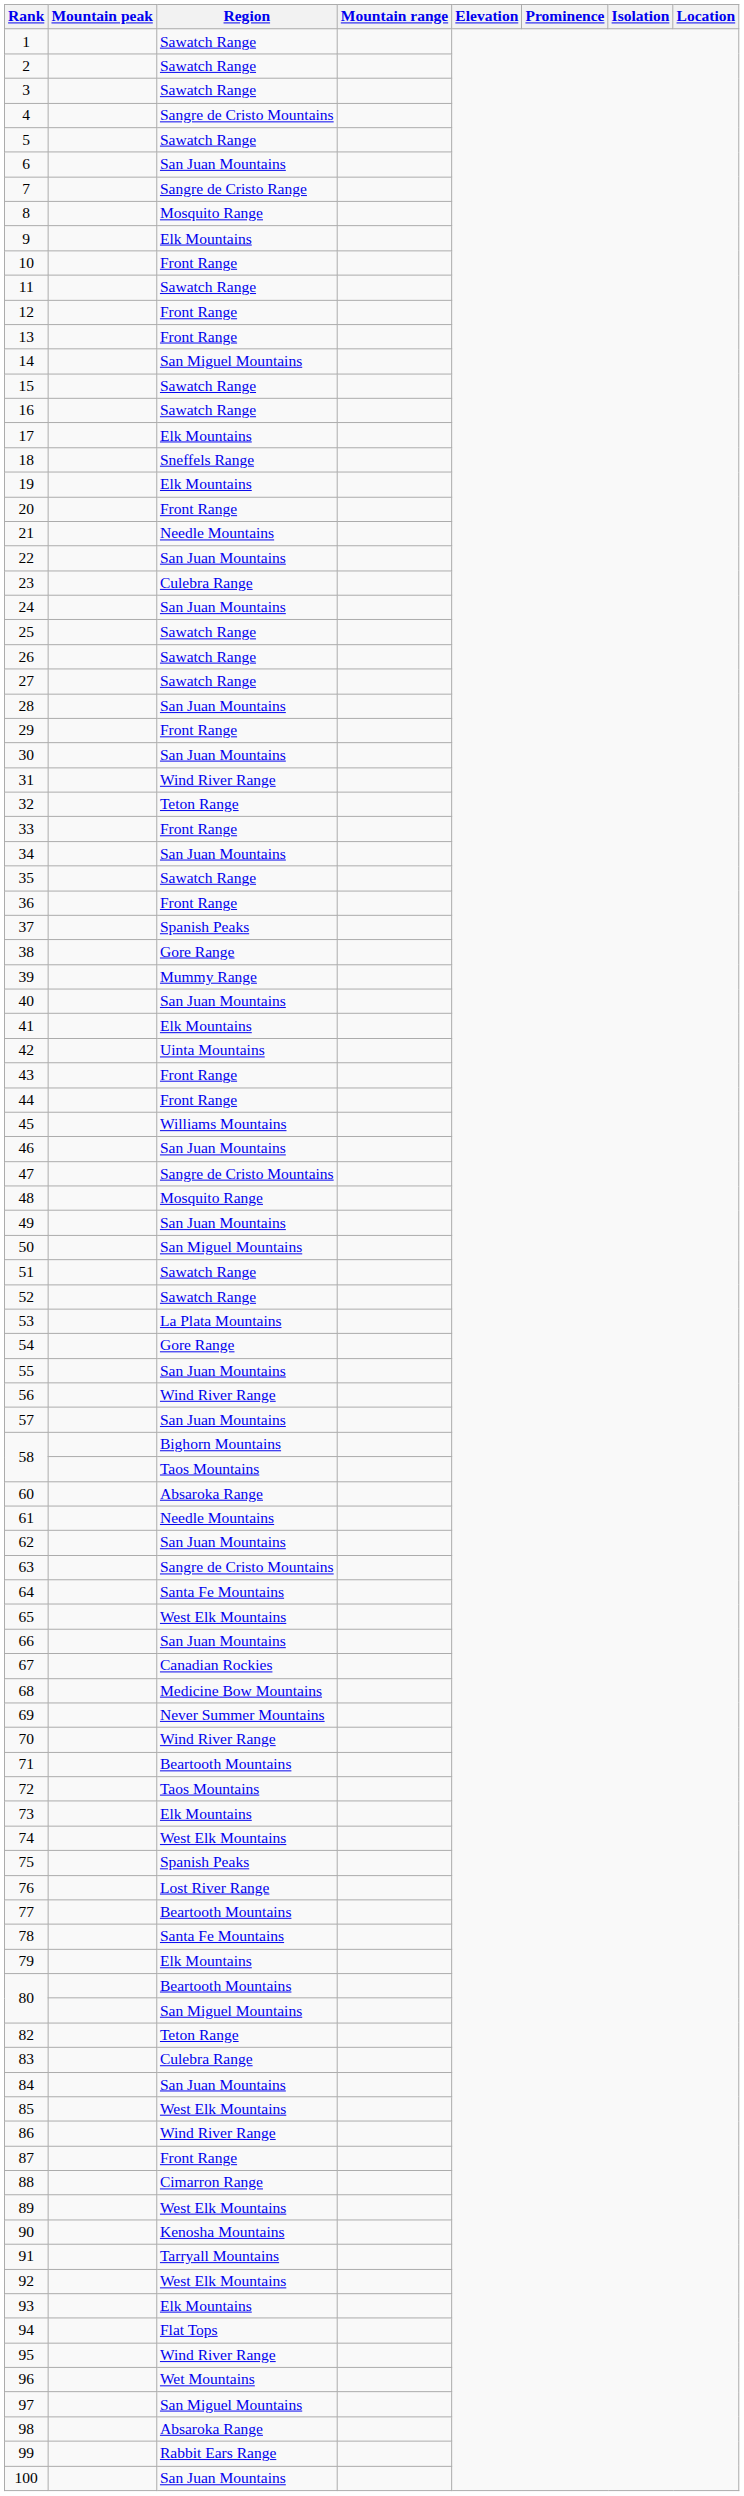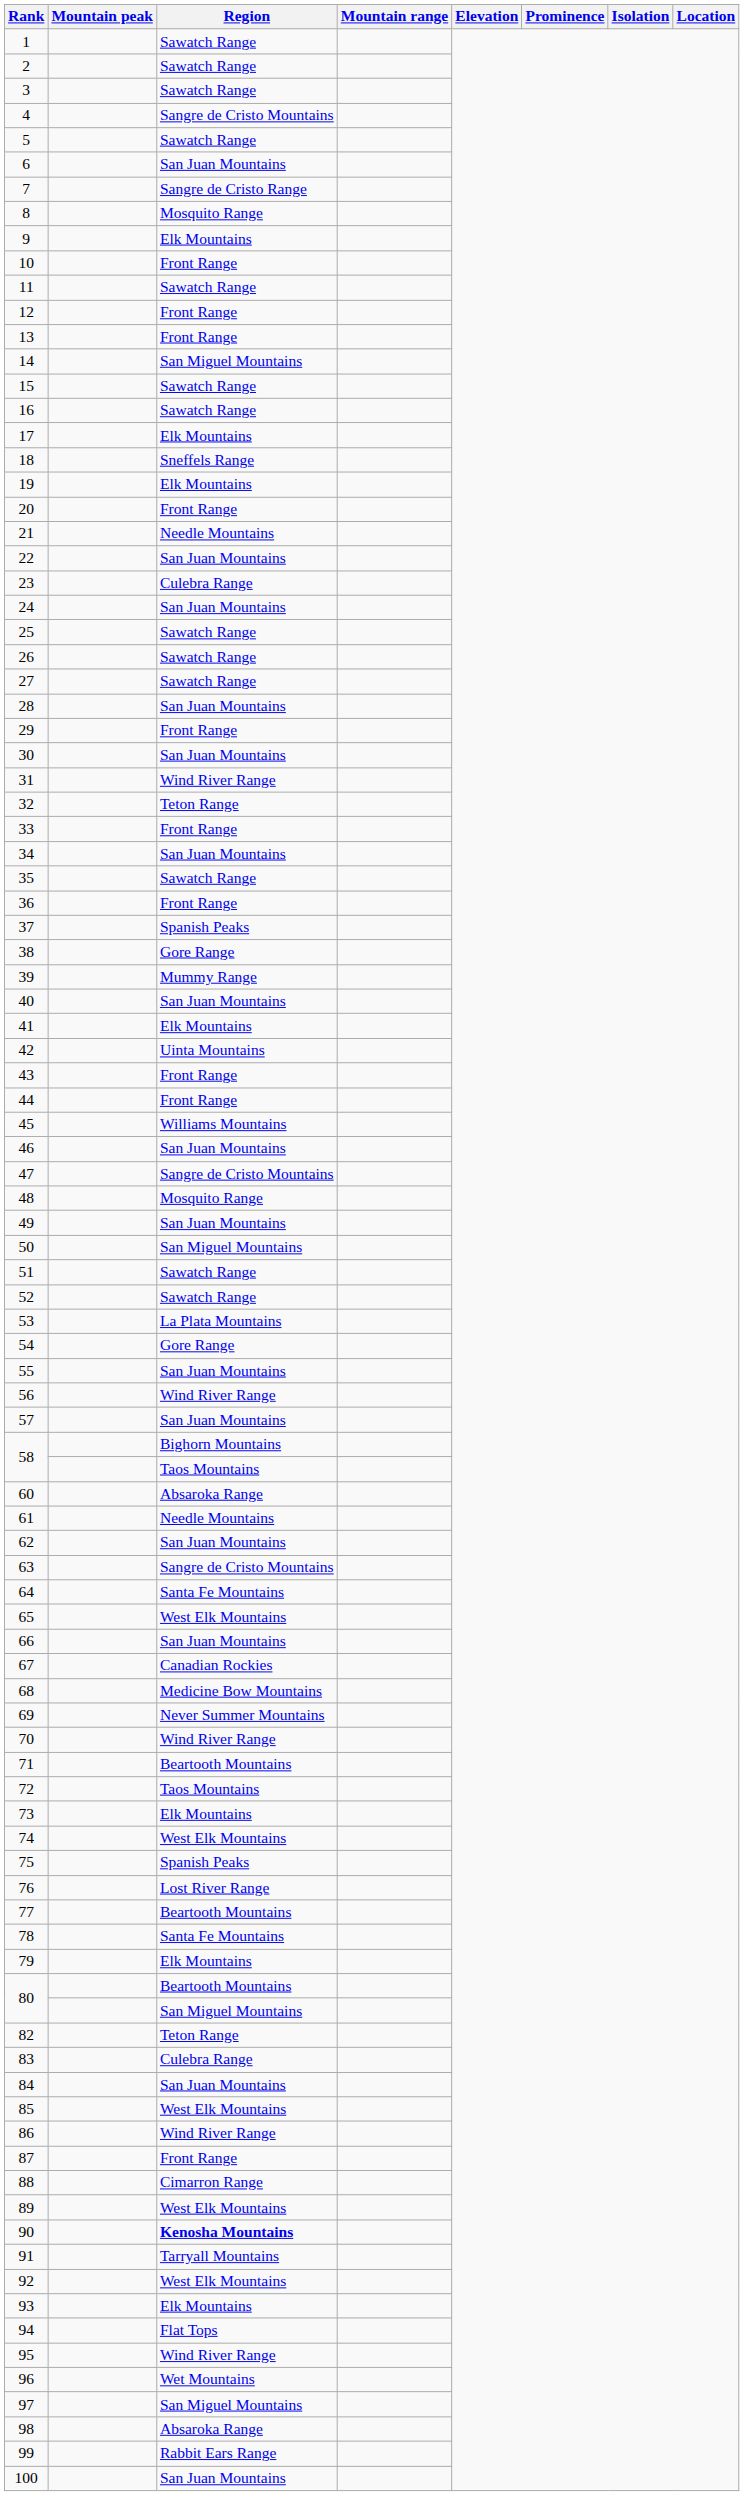 <table class="wikitable sortable">
 <tr>
 <th><a href='#'>Rank</a></th>
 <th><a href='#'>Mountain peak</a></th>
 <th><a href='#'>Region</a></th>
 <th><a href='#'>Mountain range</a></th>
 <th><a href='#'>Elevation</a></th>
 <th><a href='#'>Prominence</a></th>
 <th><a href='#'>Isolation</a></th>
 <th><a href='#'>Location</a></th>
 </tr>
 <tr>
 <td align=center>1<br></td>
 <td></td>
 <td><a href='#'>Sawatch Range</a><br></td>
 <td></td>
 </tr>
 <tr>
 <td align=center>2<br></td>
 <td></td>
 <td><a href='#'>Sawatch Range</a><br></td>
 <td></td>
 </tr>
 <tr>
 <td align=center>3<br></td>
 <td></td>
 <td><a href='#'>Sawatch Range</a><br></td>
 <td></td>
 </tr>
 <tr>
 <td align=center>4<br></td>
 <td></td>
 <td><a href='#'>Sangre de Cristo Mountains</a><br></td>
 <td></td>
 </tr>
 <tr>
 <td align=center>5<br></td>
 <td></td>
 <td><a href='#'>Sawatch Range</a><br></td>
 <td></td>
 </tr>
 <tr>
 <td align=center>6<br></td>
 <td></td>
 <td><a href='#'>San Juan Mountains</a><br></td>
 <td></td>
 </tr>
 <tr>
 <td align=center>7<br></td>
 <td></td>
 <td><a href='#'>Sangre de Cristo Range</a><br></td>
 <td></td>
 </tr>
 <tr>
 <td align=center>8<br></td>
 <td></td>
 <td><a href='#'>Mosquito Range</a><br></td>
 <td></td>
 </tr>
 <tr>
 <td align=center>9<br></td>
 <td></td>
 <td><a href='#'>Elk Mountains</a><br></td>
 <td></td>
 </tr>
 <tr>
 <td align=center>10<br></td>
 <td></td>
 <td><a href='#'>Front Range</a><br></td>
 <td></td>
 </tr>
 <tr>
 <td align=center>11<br></td>
 <td></td>
 <td><a href='#'>Sawatch Range</a><br></td>
 <td></td>
 </tr>
 <tr>
 <td align=center>12<br></td>
 <td></td>
 <td><a href='#'>Front Range</a><br></td>
 <td></td>
 </tr>
 <tr>
 <td align=center>13<br></td>
 <td></td>
 <td><a href='#'>Front Range</a><br></td>
 <td></td>
 </tr>
 <tr>
 <td align=center>14<br></td>
 <td></td>
 <td><a href='#'>San Miguel Mountains</a><br></td>
 <td></td>
 </tr>
 <tr>
 <td align=center>15<br></td>
 <td></td>
 <td><a href='#'>Sawatch Range</a><br></td>
 <td></td>
 </tr>
 <tr>
 <td align=center>16<br></td>
 <td></td>
 <td><a href='#'>Sawatch Range</a><br></td>
 <td></td>
 </tr>
 <tr>
 <td align=center>17<br></td>
 <td></td>
 <td><a href='#'>Elk Mountains</a><br></td>
 <td></td>
 </tr>
 <tr>
 <td align=center>18<br></td>
 <td></td>
 <td><a href='#'>Sneffels Range</a><br></td>
 <td></td>
 </tr>
 <tr>
 <td align=center>19<br></td>
 <td></td>
 <td><a href='#'>Elk Mountains</a><br></td>
 <td></td>
 </tr>
 <tr>
 <td align=center>20<br></td>
 <td></td>
 <td><a href='#'>Front Range</a><br></td>
 <td></td>
 </tr>
 <tr>
 <td align=center>21<br></td>
 <td></td>
 <td><a href='#'>Needle Mountains</a><br></td>
 <td></td>
 </tr>
 <tr>
 <td align=center>22<br></td>
 <td></td>
 <td><a href='#'>San Juan Mountains</a><br></td>
 <td></td>
 </tr>
 <tr>
 <td align=center>23<br></td>
 <td></td>
 <td><a href='#'>Culebra Range</a><br></td>
 <td></td>
 </tr>
 <tr>
 <td align=center>24<br></td>
 <td></td>
 <td><a href='#'>San Juan Mountains</a><br></td>
 <td></td>
 </tr>
 <tr>
 <td align=center>25<br></td>
 <td></td>
 <td><a href='#'>Sawatch Range</a><br></td>
 <td></td>
 </tr>
 <tr>
 <td align=center>26<br></td>
 <td></td>
 <td><a href='#'>Sawatch Range</a><br></td>
 <td></td>
 </tr>
 <tr>
 <td align=center>27<br></td>
 <td></td>
 <td><a href='#'>Sawatch Range</a><br></td>
 <td></td>
 </tr>
 <tr>
 <td align=center>28<br></td>
 <td></td>
 <td><a href='#'>San Juan Mountains</a><br></td>
 <td></td>
 </tr>
 <tr>
 <td align=center>29<br></td>
 <td></td>
 <td><a href='#'>Front Range</a><br></td>
 <td></td>
 </tr>
 <tr>
 <td align=center>30<br></td>
 <td></td>
 <td><a href='#'>San Juan Mountains</a><br></td>
 <td></td>
 </tr>
 <tr>
 <td align=center>31<br></td>
 <td></td>
 <td><a href='#'>Wind River Range</a><br></td>
 <td></td>
 </tr>
 <tr>
 <td align=center>32<br></td>
 <td></td>
 <td><a href='#'>Teton Range</a><br></td>
 <td></td>
 </tr>
 <tr>
 <td align=center>33<br></td>
 <td></td>
 <td><a href='#'>Front Range</a><br></td>
 <td></td>
 </tr>
 <tr>
 <td align=center>34<br></td>
 <td></td>
 <td><a href='#'>San Juan Mountains</a><br></td>
 <td></td>
 </tr>
 <tr>
 <td align=center>35<br></td>
 <td></td>
 <td><a href='#'>Sawatch Range</a><br></td>
 <td></td>
 </tr>
 <tr>
 <td align=center>36<br></td>
 <td></td>
 <td><a href='#'>Front Range</a><br></td>
 <td></td>
 </tr>
 <tr>
 <td align=center>37<br></td>
 <td></td>
 <td><a href='#'>Spanish Peaks</a><br></td>
 <td></td>
 </tr>
 <tr>
 <td align=center>38<br></td>
 <td></td>
 <td><a href='#'>Gore Range</a><br></td>
 <td></td>
 </tr>
 <tr>
 <td align=center>39<br></td>
 <td></td>
 <td><a href='#'>Mummy Range</a><br></td>
 <td></td>
 </tr>
 <tr>
 <td align=center>40<br></td>
 <td></td>
 <td><a href='#'>San Juan Mountains</a><br></td>
 <td></td>
 </tr>
 <tr>
 <td align=center>41<br></td>
 <td></td>
 <td><a href='#'>Elk Mountains</a><br></td>
 <td></td>
 </tr>
 <tr>
 <td align=center>42<br></td>
 <td></td>
 <td><a href='#'>Uinta Mountains</a><br></td>
 <td></td>
 </tr>
 <tr>
 <td align=center>43<br></td>
 <td></td>
 <td><a href='#'>Front Range</a><br></td>
 <td></td>
 </tr>
 <tr>
 <td align=center>44<br></td>
 <td></td>
 <td><a href='#'>Front Range</a><br></td>
 <td></td>
 </tr>
 <tr>
 <td align=center>45<br></td>
 <td></td>
 <td><a href='#'>Williams Mountains</a><br></td>
 <td></td>
 </tr>
 <tr>
 <td align=center>46<br></td>
 <td></td>
 <td><a href='#'>San Juan Mountains</a><br></td>
 <td></td>
 </tr>
 <tr>
 <td align=center>47<br></td>
 <td></td>
 <td><a href='#'>Sangre de Cristo Mountains</a><br></td>
 <td></td>
 </tr>
 <tr>
 <td align=center>48<br></td>
 <td></td>
 <td><a href='#'>Mosquito Range</a><br></td>
 <td></td>
 </tr>
 <tr>
 <td align=center>49<br></td>
 <td></td>
 <td><a href='#'>San Juan Mountains</a><br></td>
 <td></td>
 </tr>
 <tr>
 <td align=center>50<br></td>
 <td></td>
 <td><a href='#'>San Miguel Mountains</a><br></td>
 <td></td>
 </tr>
 <tr>
 <td align=center>51<br></td>
 <td></td>
 <td><a href='#'>Sawatch Range</a><br></td>
 <td></td>
 </tr>
 <tr>
 <td align=center>52<br></td>
 <td></td>
 <td><a href='#'>Sawatch Range</a><br></td>
 <td></td>
 </tr>
 <tr>
 <td align=center>53<br></td>
 <td></td>
 <td><a href='#'>La Plata Mountains</a><br></td>
 <td></td>
 </tr>
 <tr>
 <td align=center>54<br></td>
 <td></td>
 <td><a href='#'>Gore Range</a><br></td>
 <td></td>
 </tr>
 <tr>
 <td align=center>55<br></td>
 <td></td>
 <td><a href='#'>San Juan Mountains</a><br></td>
 <td></td>
 </tr>
 <tr>
 <td align=center>56<br></td>
 <td></td>
 <td><a href='#'>Wind River Range</a><br></td>
 <td></td>
 </tr>
 <tr>
 <td align=center>57<br></td>
 <td></td>
 <td><a href='#'>San Juan Mountains</a><br></td>
 <td></td>
 </tr>
 <tr>
 <td align=center rowspan=2>58<br></td>
 <td></td>
 <td><a href='#'>Bighorn Mountains</a><br></td>
 <td></td>
 </tr>
 <tr>
 <td></td>
 <td><a href='#'>Taos Mountains</a><br></td>
 <td></td>
 </tr>
 <tr>
 <td align=center>60<br></td>
 <td></td>
 <td><a href='#'>Absaroka Range</a><br></td>
 <td></td>
 </tr>
 <tr>
 <td align=center>61<br></td>
 <td></td>
 <td><a href='#'>Needle Mountains</a><br></td>
 <td></td>
 </tr>
 <tr>
 <td align=center>62<br></td>
 <td></td>
 <td><a href='#'>San Juan Mountains</a><br></td>
 <td></td>
 </tr>
 <tr>
 <td align=center>63<br></td>
 <td></td>
 <td><a href='#'>Sangre de Cristo Mountains</a><br></td>
 <td></td>
 </tr>
 <tr>
 <td align=center>64<br></td>
 <td></td>
 <td><a href='#'>Santa Fe Mountains</a><br></td>
 <td></td>
 </tr>
 <tr>
 <td align=center>65<br></td>
 <td></td>
 <td><a href='#'>West Elk Mountains</a><br></td>
 <td></td>
 </tr>
 <tr>
 <td align=center>66<br></td>
 <td></td>
 <td><a href='#'>San Juan Mountains</a><br></td>
 <td></td>
 </tr>
 <tr>
 <td align=center>67<br></td>
 <td></td>
 <td><a href='#'>Canadian Rockies</a><br></td>
 <td></td>
 </tr>
 <tr>
 <td align=center>68<br></td>
 <td></td>
 <td><a href='#'>Medicine Bow Mountains</a><br></td>
 <td></td>
 </tr>
 <tr>
 <td align=center>69<br></td>
 <td></td>
 <td><a href='#'>Never Summer Mountains</a><br></td>
 <td></td>
 </tr>
 <tr>
 <td align=center>70<br></td>
 <td></td>
 <td><a href='#'>Wind River Range</a><br></td>
 <td></td>
 </tr>
 <tr>
 <td align=center>71<br></td>
 <td></td>
 <td><a href='#'>Beartooth Mountains</a><br></td>
 <td></td>
 </tr>
 <tr>
 <td align=center>72<br></td>
 <td></td>
 <td><a href='#'>Taos Mountains</a><br></td>
 <td></td>
 </tr>
 <tr>
 <td align=center>73<br></td>
 <td></td>
 <td><a href='#'>Elk Mountains</a><br></td>
 <td></td>
 </tr>
 <tr>
 <td align=center>74<br></td>
 <td></td>
 <td><a href='#'>West Elk Mountains</a><br></td>
 <td></td>
 </tr>
 <tr>
 <td align=center>75<br></td>
 <td></td>
 <td><a href='#'>Spanish Peaks</a><br></td>
 <td></td>
 </tr>
 <tr>
 <td align=center>76<br></td>
 <td></td>
 <td><a href='#'>Lost River Range</a><br></td>
 <td></td>
 </tr>
 <tr>
 <td align=center>77<br></td>
 <td></td>
 <td><a href='#'>Beartooth Mountains</a><br></td>
 <td></td>
 </tr>
 <tr>
 <td align=center>78<br></td>
 <td></td>
 <td><a href='#'>Santa Fe Mountains</a><br></td>
 <td></td>
 </tr>
 <tr>
 <td align=center>79<br></td>
 <td></td>
 <td><a href='#'>Elk Mountains</a><br></td>
 <td></td>
 </tr>
 <tr>
 <td align=center rowspan=2>80<br></td>
 <td></td>
 <td><a href='#'>Beartooth Mountains</a><br></td>
 <td></td>
 </tr>
 <tr>
 <td></td>
 <td><a href='#'>San Miguel Mountains</a><br></td>
 <td></td>
 </tr>
 <tr>
 <td align=center>82<br></td>
 <td></td>
 <td><a href='#'>Teton Range</a><br></td>
 <td></td>
 </tr>
 <tr>
 <td align=center>83<br></td>
 <td></td>
 <td><a href='#'>Culebra Range</a><br></td>
 <td></td>
 </tr>
 <tr>
 <td align=center>84<br></td>
 <td></td>
 <td><a href='#'>San Juan Mountains</a><br></td>
 <td></td>
 </tr>
 <tr>
 <td align=center>85<br></td>
 <td></td>
 <td><a href='#'>West Elk Mountains</a><br></td>
 <td></td>
 </tr>
 <tr>
 <td align=center>86<br></td>
 <td></td>
 <td><a href='#'>Wind River Range</a><br></td>
 <td></td>
 </tr>
 <tr>
 <td align=center>87<br></td>
 <td></td>
 <td><a href='#'>Front Range</a><br></td>
 <td></td>
 </tr>
 <tr>
 <td align=center>88<br></td>
 <td></td>
 <td><a href='#'>Cimarron Range</a><br></td>
 <td></td>
 </tr>
 <tr>
 <td align=center>89<br></td>
 <td></td>
 <td><a href='#'>West Elk Mountains</a><br></td>
 <td></td>
 </tr>
 <tr>
 <td align=center>90<br></td>
 <td></td>
-<td><a href='#'>Kenosha Mountains</a><br></td>
+<td><strong><a href='#'>Kenosha Mountains</a><br></strong></td>
 <td></td>
 </tr>
 <tr>
 <td align=center>91<br></td>
 <td></td>
 <td><a href='#'>Tarryall Mountains</a><br></td>
 <td></td>
 </tr>
 <tr>
 <td align=center>92<br></td>
 <td></td>
 <td><a href='#'>West Elk Mountains</a><br></td>
 <td></td>
 </tr>
 <tr>
 <td align=center>93<br></td>
 <td></td>
 <td><a href='#'>Elk Mountains</a><br></td>
 <td></td>
 </tr>
 <tr>
 <td align=center>94<br></td>
 <td></td>
 <td><a href='#'>Flat Tops</a><br></td>
 <td></td>
 </tr>
 <tr>
 <td align=center>95<br></td>
 <td></td>
 <td><a href='#'>Wind River Range</a><br></td>
 <td></td>
 </tr>
 <tr>
 <td align=center>96<br></td>
 <td></td>
 <td><a href='#'>Wet Mountains</a><br></td>
 <td></td>
 </tr>
 <tr>
 <td align=center>97<br></td>
 <td></td>
 <td><a href='#'>San Miguel Mountains</a><br></td>
 <td></td>
 </tr>
 <tr>
 <td align=center>98<br></td>
 <td></td>
 <td><a href='#'>Absaroka Range</a><br></td>
 <td></td>
 </tr>
 <tr>
 <td align=center>99<br></td>
 <td></td>
 <td><a href='#'>Rabbit Ears Range</a><br></td>
 <td></td>
 </tr>
 <tr>
 <td align=center>100<br></td>
 <td></td>
 <td><a href='#'>San Juan Mountains</a><br></td>
 <td></td>
 </tr>
 </table>
